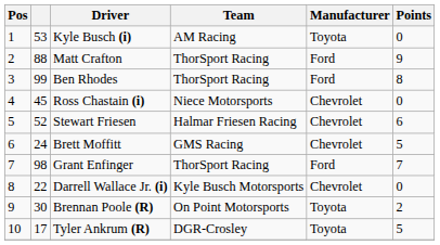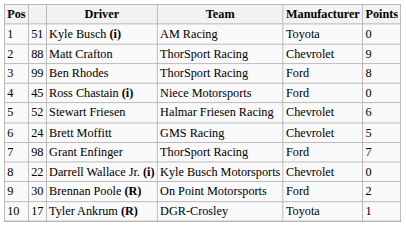 <table class="wikitable" style="font-size:98%">
 <tr>
 <th>Pos</th>
 <th></th>
 <th>Driver</th>
 <th>Team</th>
 <th>Manufacturer</th>
 <th>Points</th>
 </tr>
 <tr>
 <td>1</td>
-<td>53</td>
+<td>51</td>
 <td>Kyle Busch <strong>(i)</strong></td>
 <td>AM Racing</td>
 <td>Toyota</td>
 <td>0</td>
 </tr>
 <tr>
 <td>2</td>
 <td>88</td>
 <td>Matt Crafton</td>
 <td>ThorSport Racing</td>
-<td>Ford</td>
+<td>Chevrolet</td>
 <td>9</td>
 </tr>
 <tr>
 <td>3</td>
 <td>99</td>
 <td>Ben Rhodes</td>
 <td>ThorSport Racing</td>
 <td>Ford</td>
 <td>8</td>
 </tr>
 <tr>
 <td>4</td>
 <td>45</td>
 <td>Ross Chastain <strong>(i)</strong></td>
 <td>Niece Motorsports</td>
-<td>Chevrolet</td>
+<td>Ford</td>
 <td>0</td>
 </tr>
 <tr>
 <td>5</td>
 <td>52</td>
 <td>Stewart Friesen</td>
 <td>Halmar Friesen Racing</td>
 <td>Chevrolet</td>
 <td>6</td>
 </tr>
 <tr>
 <td>6</td>
 <td>24</td>
 <td>Brett Moffitt</td>
 <td>GMS Racing</td>
 <td>Chevrolet</td>
 <td>5</td>
 </tr>
 <tr>
 <td>7</td>
 <td>98</td>
 <td>Grant Enfinger</td>
 <td>ThorSport Racing</td>
 <td>Ford</td>
 <td>7</td>
 </tr>
 <tr>
 <td>8</td>
 <td>22</td>
 <td>Darrell Wallace Jr. <strong>(i)</strong></td>
 <td>Kyle Busch Motorsports</td>
 <td>Chevrolet</td>
 <td>0</td>
 </tr>
 <tr>
 <td>9</td>
 <td>30</td>
 <td>Brennan Poole <strong>(R)</strong></td>
 <td>On Point Motorsports</td>
-<td>Toyota</td>
+<td>Ford</td>
 <td>2</td>
 </tr>
 <tr>
 <td>10</td>
 <td>17</td>
 <td>Tyler Ankrum <strong>(R)</strong></td>
 <td>DGR-Crosley</td>
 <td>Toyota</td>
-<td>5</td>
+<td>1</td>
 </tr>
 <tr>
 </tr>
 </table>
